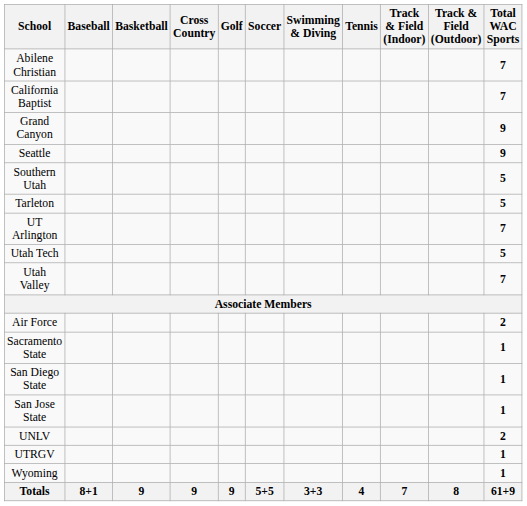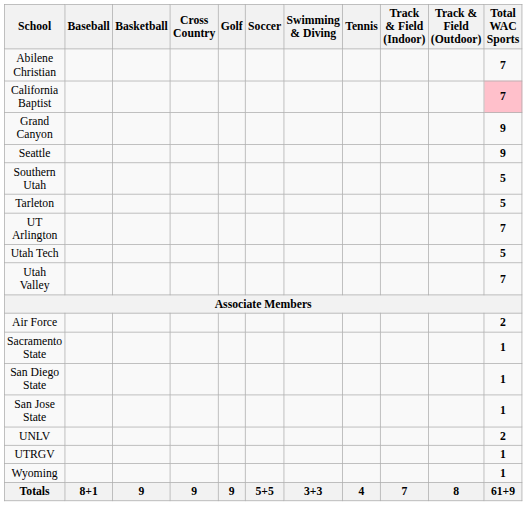 <table class="wikitable" style="text-align:center; width:80%">
 <tr>
 <th>School</th>
 <th>Baseball</th>
 <th>Basketball</th>
 <th>Cross<br>Country</th>
 <th>Golf</th>
 <th>Soccer</th>
 <th>Swimming<br>& Diving</th>
 <th>Tennis</th>
 <th>Track & Field<br>(Indoor)</th>
 <th>Track & Field<br>(Outdoor)</th>
 <th>Total<br>WAC Sports</th>
 </tr>
 <tr>
 <td>Abilene Christian</td>
 <td></td>
 <td></td>
 <td></td>
 <td></td>
 <td></td>
 <td></td>
 <td></td>
 <td></td>
 <td></td>
 <td><strong>7</strong></td>
 </tr>
 <tr>
 <td>California Baptist</td>
 <td></td>
 <td></td>
 <td></td>
 <td></td>
 <td></td>
 <td></td>
 <td></td>
 <td></td>
 <td></td>
-<td><strong>7</strong></td>
+<td style="background: pink;"><strong>7</strong></td>
 </tr>
 <tr>
 <td>Grand Canyon</td>
 <td></td>
 <td></td>
 <td></td>
 <td></td>
 <td></td>
 <td></td>
 <td></td>
 <td></td>
 <td></td>
 <td><strong>9</strong></td>
 </tr>
 <tr>
 <td>Seattle</td>
 <td></td>
 <td></td>
 <td></td>
 <td></td>
 <td></td>
 <td></td>
 <td></td>
 <td></td>
 <td></td>
 <td><strong>9</strong></td>
 </tr>
 <tr>
 <td>Southern Utah</td>
 <td></td>
 <td></td>
 <td></td>
 <td></td>
 <td></td>
 <td></td>
 <td></td>
 <td></td>
 <td></td>
 <td><strong>5</strong></td>
 </tr>
 <tr>
 <td>Tarleton</td>
 <td></td>
 <td></td>
 <td></td>
 <td></td>
 <td></td>
 <td></td>
 <td></td>
 <td></td>
 <td></td>
 <td><strong>5</strong></td>
 </tr>
 <tr>
 <td>UT Arlington</td>
 <td></td>
 <td></td>
 <td></td>
 <td></td>
 <td></td>
 <td></td>
 <td></td>
 <td></td>
 <td></td>
 <td><strong>7</strong></td>
 </tr>
 <tr>
 <td>Utah Tech</td>
 <td></td>
 <td></td>
 <td></td>
 <td></td>
 <td></td>
 <td></td>
 <td></td>
 <td></td>
 <td></td>
 <td><strong>5</strong></td>
 </tr>
 <tr>
 <td>Utah Valley</td>
 <td></td>
 <td></td>
 <td></td>
 <td></td>
 <td></td>
 <td></td>
 <td></td>
 <td></td>
 <td></td>
 <td><strong>7</strong></td>
 </tr>
 <tr>
 <th colspan="11">Associate Members</th>
 </tr>
 <tr>
 <td>Air Force</td>
 <td></td>
 <td></td>
 <td></td>
 <td></td>
 <td></td>
 <td></td>
 <td></td>
 <td></td>
 <td></td>
 <td><strong>2</strong></td>
 </tr>
 <tr>
 <td>Sacramento State</td>
 <td></td>
 <td></td>
 <td></td>
 <td></td>
 <td></td>
 <td></td>
 <td></td>
 <td></td>
 <td></td>
 <td><strong>1</strong></td>
 </tr>
 <tr>
 <td>San Diego State</td>
 <td></td>
 <td></td>
 <td></td>
 <td></td>
 <td></td>
 <td></td>
 <td></td>
 <td></td>
 <td></td>
 <td><strong>1</strong></td>
 </tr>
 <tr>
 <td>San Jose State</td>
 <td></td>
 <td></td>
 <td></td>
 <td></td>
 <td></td>
 <td></td>
 <td></td>
 <td></td>
 <td></td>
 <td><strong>1</strong></td>
 </tr>
 <tr>
 <td>UNLV</td>
 <td></td>
 <td></td>
 <td></td>
 <td></td>
 <td></td>
 <td></td>
 <td></td>
 <td></td>
 <td></td>
 <td><strong>2</strong></td>
 </tr>
 <tr>
 <td>UTRGV</td>
 <td></td>
 <td></td>
 <td></td>
 <td></td>
 <td></td>
 <td></td>
 <td></td>
 <td></td>
 <td></td>
 <td><strong>1</strong></td>
 </tr>
 <tr>
 <td>Wyoming</td>
 <td></td>
 <td></td>
 <td></td>
 <td></td>
 <td></td>
 <td></td>
 <td></td>
 <td></td>
 <td></td>
 <td><strong>1</strong></td>
 </tr>
 <tr>
 <th>Totals</th>
 <th>8+1</th>
 <th>9</th>
 <th>9</th>
 <th>9</th>
 <th>5+5</th>
 <th>3+3</th>
 <th>4</th>
 <th>7</th>
 <th>8</th>
 <th><strong>61+9</strong></th>
 </tr>
 </table>
